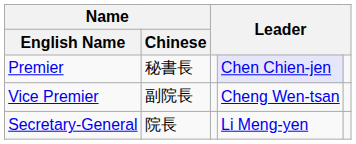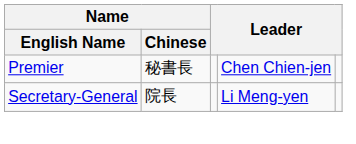 <table class="wikitable sortable">
 <tr>
 <th colspan="2">Name</th>
 <th colspan="3" rowspan="2">Leader</th>
 </tr>
 <tr>
 <th>English Name</th>
 <th>Chinese</th>
 </tr>
 <tr>
 <td><a href='#'>Premier</a></td>
 <td>秘書長</td>
 <td style="background:"></td>
-<td style="background: lavender;"><a href='#'>Chen Chien-jen</a></td>
-<td></td>
-</tr>
-<tr>
-<td><a href='#'>Vice Premier</a></td>
-<td>副院長</td>
-<td style="background:"></td>
-<td><a href='#'>Cheng Wen-tsan</a></td>
+<td><a href='#'>Chen Chien-jen</a></td>
 <td></td>
 </tr>
 <tr>
 <td><a href='#'>Secretary-General</a></td>
 <td>院長</td>
 <td style="background:"></td>
 <td><a href='#'>Li Meng-yen</a></td>
 <td></td>
 </tr>
 </table>
